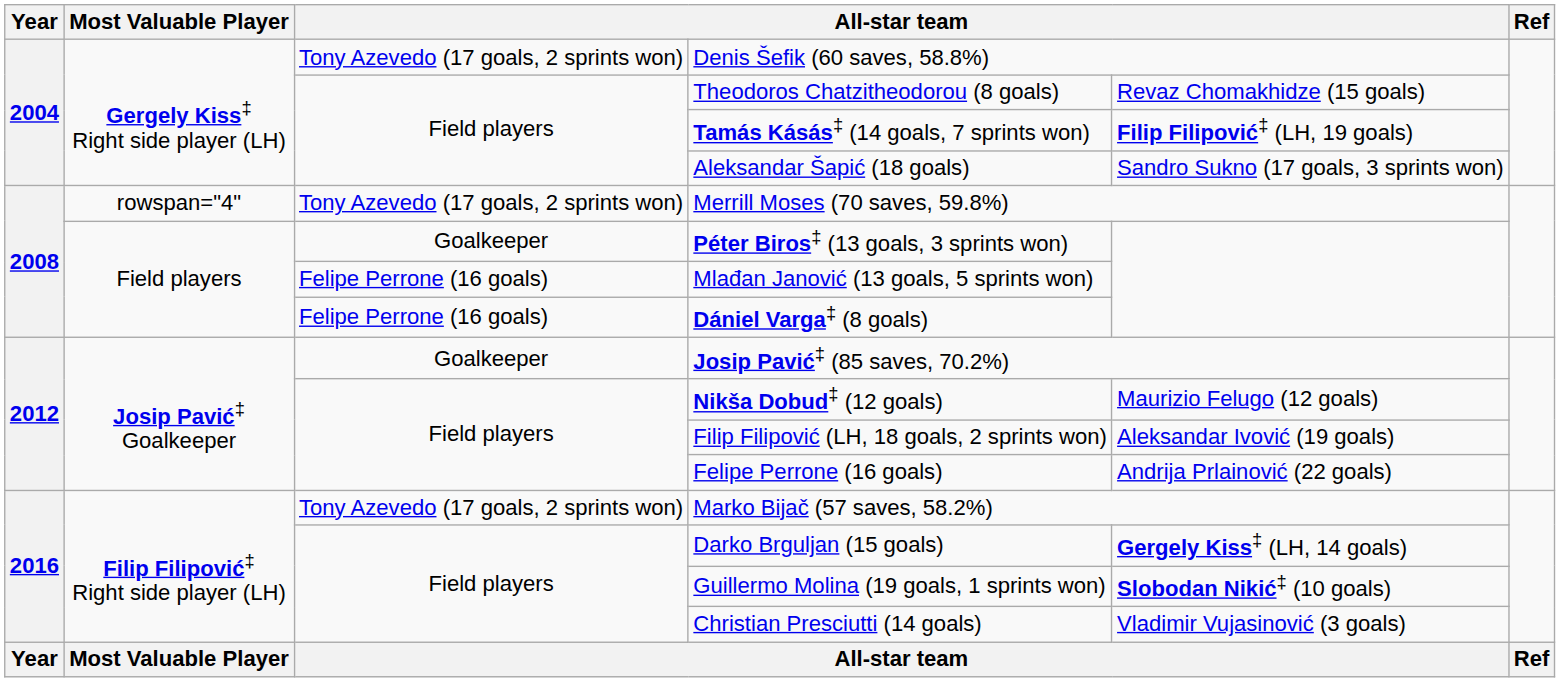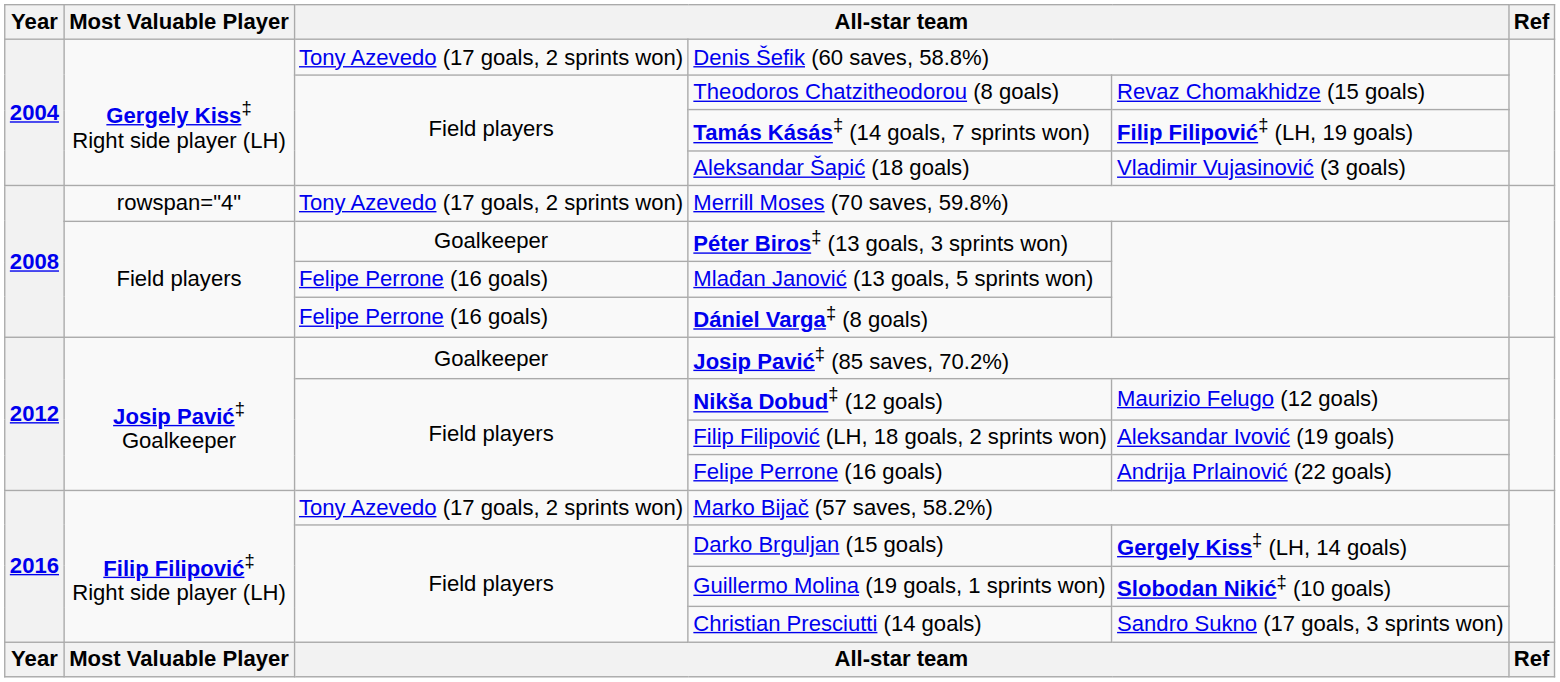 <table class="wikitable sticky-header mw-datatable" style="text-align: center; font-size: 100%; margin-left: 1em;">
 <tr>
 <th scope="col">Year</th>
 <th scope="col">Most Valuable Player</th>
 <th scope="colgroup" colspan="3">All-star team</th>
 <th scope="col">Ref</th>
 </tr>
 <tr>
 <th scope="rowgroup" rowspan="4"><a href='#'>2004</a></th>
 <td rowspan="4"><strong></strong><br><strong><a href='#'>Gergely Kiss</a></strong><sup>‡</sup><br>Right side player (LH)<br></td>
 <td style="text-align: left;"> <a href='#'>Tony Azevedo</a> (17 goals, 2 sprints won)</td>
 <td colspan="2" style="text-align: left;"> <a href='#'>Denis Šefik</a> (60 saves, 58.8%)</td>
 <td rowspan="4"></td>
 </tr>
 <tr>
 <td rowspan="3">Field players</td>
 <td style="text-align: left;"> <a href='#'>Theodoros Chatzitheodorou</a> (8 goals)</td>
 <td style="text-align: left;"> <a href='#'>Revaz Chomakhidze</a> (15 goals)</td>
 </tr>
 <tr>
 <td style="text-align: left;"> <strong><a href='#'>Tamás Kásás</a></strong><sup>‡</sup> (14 goals, 7 sprints won)</td>
 <td style="text-align: left;"> <strong><a href='#'>Filip Filipović</a></strong><sup>‡</sup> (LH, 19 goals)</td>
 </tr>
 <tr>
 <td style="text-align: left;"> <a href='#'>Aleksandar Šapić</a> (18 goals)</td>
-<td style="text-align: left;"> <a href='#'>Sandro Sukno</a> (17 goals, 3 sprints won)</td>
+<td style="text-align: left;"> <a href='#'>Vladimir Vujasinović</a> (3 goals)</td>
 </tr>
 <tr>
 <th scope="rowgroup" rowspan="4"><a href='#'>2008</a></th>
 <td>rowspan="4" </td>
 <td style="text-align: left;"> <a href='#'>Tony Azevedo</a> (17 goals, 2 sprints won)</td>
 <td colspan="2" style="text-align: left;"> <a href='#'>Merrill Moses</a> (70 saves, 59.8%)</td>
 <td rowspan="4"></td>
 </tr>
 <tr>
 <td rowspan="3">Field players</td>
 <td>Goalkeeper</td>
 <td style="text-align: left;"> <strong><a href='#'>Péter Biros</a></strong><sup>‡</sup> (13 goals, 3 sprints won)</td>
 </tr>
 <tr>
 <td style="text-align: left;"> <a href='#'>Felipe Perrone</a> (16 goals)</td>
 <td style="text-align: left;"> <a href='#'>Mlađan Janović</a> (13 goals, 5 sprints won)</td>
 </tr>
 <tr>
 <td style="text-align: left;"> <a href='#'>Felipe Perrone</a> (16 goals)</td>
 <td style="text-align: left;"> <strong><a href='#'>Dániel Varga</a></strong><sup>‡</sup> (8 goals)</td>
 </tr>
 <tr>
 <th scope="rowgroup" rowspan="4"><a href='#'>2012</a></th>
 <td rowspan="4"><strong></strong><br><strong><a href='#'>Josip Pavić</a></strong><sup>‡</sup><br>Goalkeeper<br></td>
 <td>Goalkeeper</td>
 <td colspan="2" style="text-align: left;"> <strong><a href='#'>Josip Pavić</a></strong><sup>‡</sup> (85 saves, 70.2%)</td>
 <td rowspan="4"><br></td>
 </tr>
 <tr>
 <td rowspan="3">Field players</td>
 <td style="text-align: left;"> <strong><a href='#'>Nikša Dobud</a></strong><sup>‡</sup> (12 goals)</td>
 <td style="text-align: left;"> <a href='#'>Maurizio Felugo</a> (12 goals)</td>
 </tr>
 <tr>
 <td style="text-align: left;"> <a href='#'>Filip Filipović</a> (LH, 18 goals, 2 sprints won)</td>
 <td style="text-align: left;"> <a href='#'>Aleksandar Ivović</a> (19 goals)</td>
 </tr>
 <tr>
 <td style="text-align: left;"> <a href='#'>Felipe Perrone</a> (16 goals)</td>
 <td style="text-align: left;"> <a href='#'>Andrija Prlainović</a> (22 goals)</td>
 </tr>
 <tr>
 <th scope="rowgroup" rowspan="4"><a href='#'>2016</a></th>
 <td rowspan="4"><strong></strong><br><strong><a href='#'>Filip Filipović</a></strong><sup>‡</sup><br>Right side player (LH)<br></td>
 <td style="text-align: left;"> <a href='#'>Tony Azevedo</a> (17 goals, 2 sprints won)</td>
 <td colspan="2" style="text-align: left;"> <a href='#'>Marko Bijač</a> (57 saves, 58.2%)</td>
 <td rowspan="4"></td>
 </tr>
 <tr>
 <td rowspan="3">Field players</td>
 <td style="text-align: left;"> <a href='#'>Darko Brguljan</a> (15 goals)</td>
 <td style="text-align: left;"> <strong><a href='#'>Gergely Kiss</a></strong><sup>‡</sup> (LH, 14 goals)</td>
 </tr>
 <tr>
 <td style="text-align: left;"> <a href='#'>Guillermo Molina</a> (19 goals, 1 sprints won)</td>
 <td style="text-align: left;"> <strong><a href='#'>Slobodan Nikić</a></strong><sup>‡</sup> (10 goals)</td>
 </tr>
 <tr>
 <td style="text-align: left;"> <a href='#'>Christian Presciutti</a> (14 goals)</td>
-<td style="text-align: left;"> <a href='#'>Vladimir Vujasinović</a> (3 goals)</td>
+<td style="text-align: left;"> <a href='#'>Sandro Sukno</a> (17 goals, 3 sprints won)</td>
 </tr>
 <tr>
 <th>Year</th>
 <th>Most Valuable Player</th>
 <th colspan="3">All-star team</th>
 <th>Ref</th>
 </tr>
 </table>
